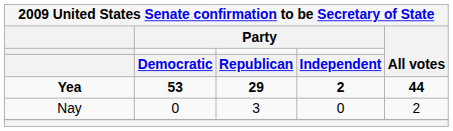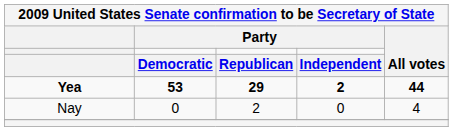 <table class=wikitable style="text-align:center">
 <tr>
 <th style="background:#f5f5f5" colspan=5>2009 United States <a href='#'>Senate confirmation</a> to be <a href='#'>Secretary of State</a></th>
 </tr>
 <tr style="vertical-align:bottom;">
 <th style="width: 9em;"><br></th>
 <th colspan=3>Party</th>
 <th rowspan=3>All votes</th>
 </tr>
 <tr style="height:5px">
 <th></th>
 <td style="background-color:"></td>
 <td style="background-color:"></td>
 <td style="background-color:"></td>
 </tr>
 <tr style="vertical-align:bottom;">
 <th></th>
 <th><a href='#'>Democratic</a></th>
 <th><a href='#'>Republican</a></th>
 <th><a href='#'>Independent</a></th>
 </tr>
 <tr>
 <td><strong>Yea</strong></td>
 <td><strong>53</strong></td>
 <td><strong>29</strong></td>
 <td><strong>2</strong></td>
 <td><strong>44</strong></td>
 </tr>
 <tr>
 <td>Nay</td>
 <td>0</td>
-<td>3</td>
+<td>2</td>
 <td>0</td>
-<td>2</td>
+<td>4</td>
 </tr>
 <tr>
 </tr>
 <tr>
 <td style="background:#f5f5f5" colspan=5></td>
 </tr>
 </table>
